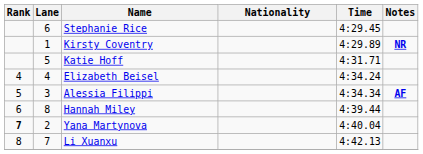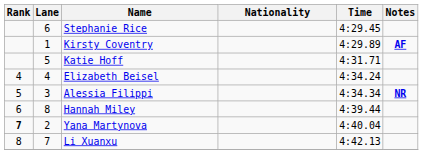 <table class="wikitable sortable" style="text-align:center">
 <tr>
 <th>Rank</th>
 <th>Lane</th>
 <th width=200>Name</th>
 <th width=150>Nationality</th>
 <th>Time</th>
 <th>Notes</th>
 </tr>
 <tr>
 <td></td>
 <td>6</td>
 <td align=left><a href='#'>Stephanie Rice</a></td>
 <td align=left></td>
 <td>4:29.45</td>
 <td></td>
 </tr>
 <tr>
 <td></td>
 <td>1</td>
 <td align=left><a href='#'>Kirsty Coventry</a></td>
 <td align=left></td>
 <td>4:29.89</td>
-<td><strong><a href='#'>NR</a></strong></td>
+<td><strong><a href='#'>AF</a></strong></td>
 </tr>
 <tr>
 <td></td>
 <td>5</td>
 <td align=left><a href='#'>Katie Hoff</a></td>
 <td align=left></td>
 <td>4:31.71</td>
 <td></td>
 </tr>
 <tr>
 <td>4</td>
 <td>4</td>
 <td align=left><a href='#'>Elizabeth Beisel</a></td>
 <td align=left></td>
 <td>4:34.24</td>
 <td></td>
 </tr>
 <tr>
 <td>5</td>
 <td>3</td>
 <td align=left><a href='#'>Alessia Filippi</a></td>
 <td align=left></td>
 <td>4:34.34</td>
-<td><strong><a href='#'>AF</a></strong></td>
+<td><strong><a href='#'>NR</a></strong></td>
 </tr>
 <tr>
 <td>6</td>
 <td>8</td>
 <td align=left><a href='#'>Hannah Miley</a></td>
 <td align=left></td>
 <td>4:39.44</td>
 <td></td>
 </tr>
 <tr>
 <td><strong>7</strong></td>
 <td>2</td>
 <td align=left><a href='#'>Yana Martynova</a></td>
 <td align=left></td>
 <td>4:40.04</td>
 <td></td>
 </tr>
 <tr>
 <td>8</td>
 <td>7</td>
 <td align=left><a href='#'>Li Xuanxu</a></td>
 <td align=left></td>
 <td>4:42.13</td>
 <td></td>
 </tr>
 <tr>
 </tr>
 </table>
